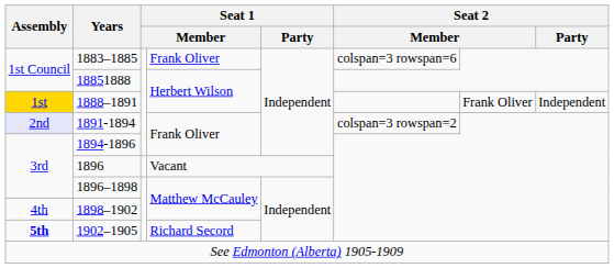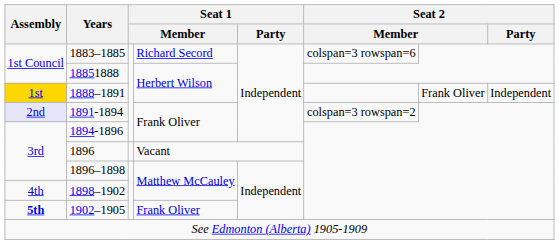 <table class=wikitable align=right>
 <tr>
 <th rowspan=2>Assembly</th>
 <th rowspan=2>Years</th>
 <th colspan=3>Seat 1</th>
 <th colspan=3>Seat 2</th>
 </tr>
 <tr>
 <th colspan="2">Member</th>
 <th>Party</th>
 <th colspan=2>Member</th>
 <th>Party</th>
 </tr>
 <tr>
 <td align=center rowspan=2><a href='#'>1st Council</a></td>
 <td>1883–1885</td>
 <td rowspan=5 ></td>
-<td><a href='#'>Frank Oliver</a></td>
+<td><a href='#'>Richard Secord</a></td>
 <td rowspan=5>Independent</td>
 <td>colspan=3 rowspan=6 </td>
 </tr>
 <tr>
 <td><a href='#'>1885</a>1888</td>
 <td rowspan=2><a href='#'>Herbert Wilson</a></td>
 </tr>
 <tr>
 <td align=center style="background: gold;"><a href='#'>1st</a></td>
 <td><a href='#'>1888</a>–1891</td>
 <td></td>
 <td>Frank Oliver</td>
 <td>Independent</td>
 </tr>
 <tr>
 <td align=center style="background: lavender;"><a href='#'>2nd</a></td>
 <td><a href='#'>1891</a>-1894</td>
 <td rowspan=2>Frank Oliver</td>
 <td>colspan=3 rowspan=2 </td>
 </tr>
 <tr>
 <td align=center rowspan=3><a href='#'>3rd</a></td>
 <td><a href='#'>1894</a>-1896</td>
 </tr>
 <tr>
 <td>1896</td>
 <td></td>
 <td colspan=2>Vacant</td>
 </tr>
 <tr>
 <td>1896–1898</td>
 <td rowspan=3 ></td>
 <td rowspan=2><a href='#'>Matthew McCauley</a></td>
 <td rowspan=3>Independent</td>
 </tr>
 <tr>
 <td align=center><a href='#'>4th</a></td>
 <td><a href='#'>1898</a>–1902</td>
 </tr>
 <tr>
 <td align=center><strong><a href='#'>5th</a></strong></td>
 <td><a href='#'>1902</a>–1905</td>
-<td><a href='#'>Richard Secord</a></td>
+<td><a href='#'>Frank Oliver</a></td>
 </tr>
 <tr>
 <td colspan=8 align=center><em>See <a href='#'>Edmonton (Alberta)</a> 1905-1909</em></td>
 </tr>
 </table>
